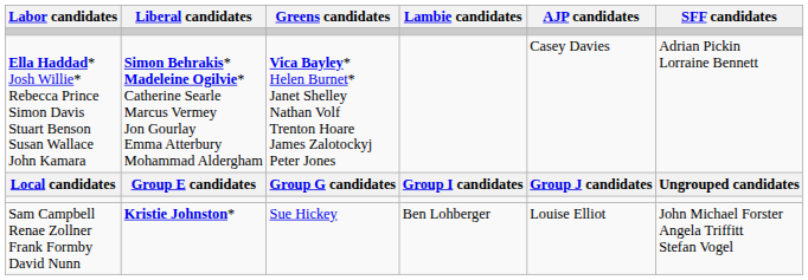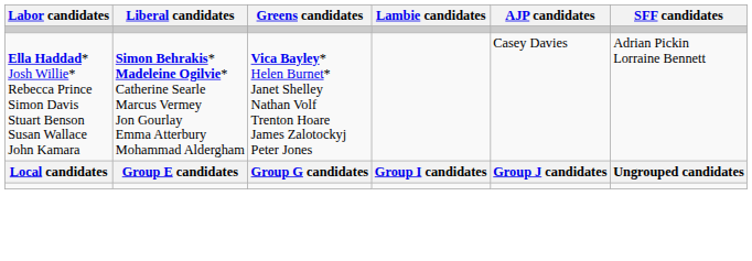 <table class="wikitable">
 <tr>
 <th><a href='#'>Labor</a> candidates</th>
 <th><a href='#'>Liberal</a> candidates</th>
 <th><a href='#'>Greens</a> candidates</th>
 <th><a href='#'>Lambie</a> candidates</th>
 <th><a href='#'>AJP</a> candidates</th>
 <th><a href='#'>SFF</a> candidates</th>
 </tr>
 <tr bgcolor="#cccccc">
 <td></td>
 <td></td>
 <td></td>
 <td></td>
 <td></td>
 <td></td>
 </tr>
 <tr>
 <td valign=top ><br><strong><a href='#'>Ella Haddad</a></strong>* <br>  <a href='#'>Josh Willie</a>* <br> Rebecca Prince <br> Simon Davis <br> Stuart Benson <br> Susan Wallace <br> John Kamara</td>
 <td valign=top ><br><strong><a href='#'>Simon Behrakis</a></strong>* <br>  <strong><a href='#'>Madeleine Ogilvie</a></strong>* <br>  Catherine Searle <br>  Marcus Vermey<br>  Jon Gourlay <br>  Emma Atterbury <br>  Mohammad Aldergham</td>
 <td valign=top ><br><strong><a href='#'>Vica Bayley</a></strong>* <br>  <a href='#'>Helen Burnet</a>* <br>  Janet Shelley <br>  Nathan Volf <br>  Trenton Hoare<br>  James Zalotockyj <br>  Peter Jones</td>
 <td valign=top></td>
 <td valign=top>Casey Davies</td>
 <td valign=top>Adrian Pickin <br> Lorraine Bennett</td>
 </tr>
 <tr>
 <th><a href='#'>Local</a>  candidates</th>
 <th><a href='#'>Group E</a> candidates</th>
 <th><a href='#'>Group G</a> candidates</th>
 <th><a href='#'>Group I</a> candidates</th>
 <th><a href='#'>Group J</a> candidates</th>
 <th>Ungrouped candidates</th>
 </tr>
 <tr>
 <td></td>
 <td></td>
 <td></td>
 <td></td>
 <td></td>
 <td></td>
 </tr>
-<tr>
-<td valign=top>Sam Campbell <br> Renae Zollner <br> Frank Formby <br> David Nunn</td>
-<td valign=top ><strong><a href='#'>Kristie Johnston</a></strong>*</td>
-<td valign=top><a href='#'>Sue Hickey</a></td>
-<td valign=top>Ben Lohberger</td>
-<td valign=top>Louise Elliot</td>
-<td valign=top>John Michael Forster <br> Angela Triffitt <br> Stefan Vogel</td>
-</tr>
 </table>
